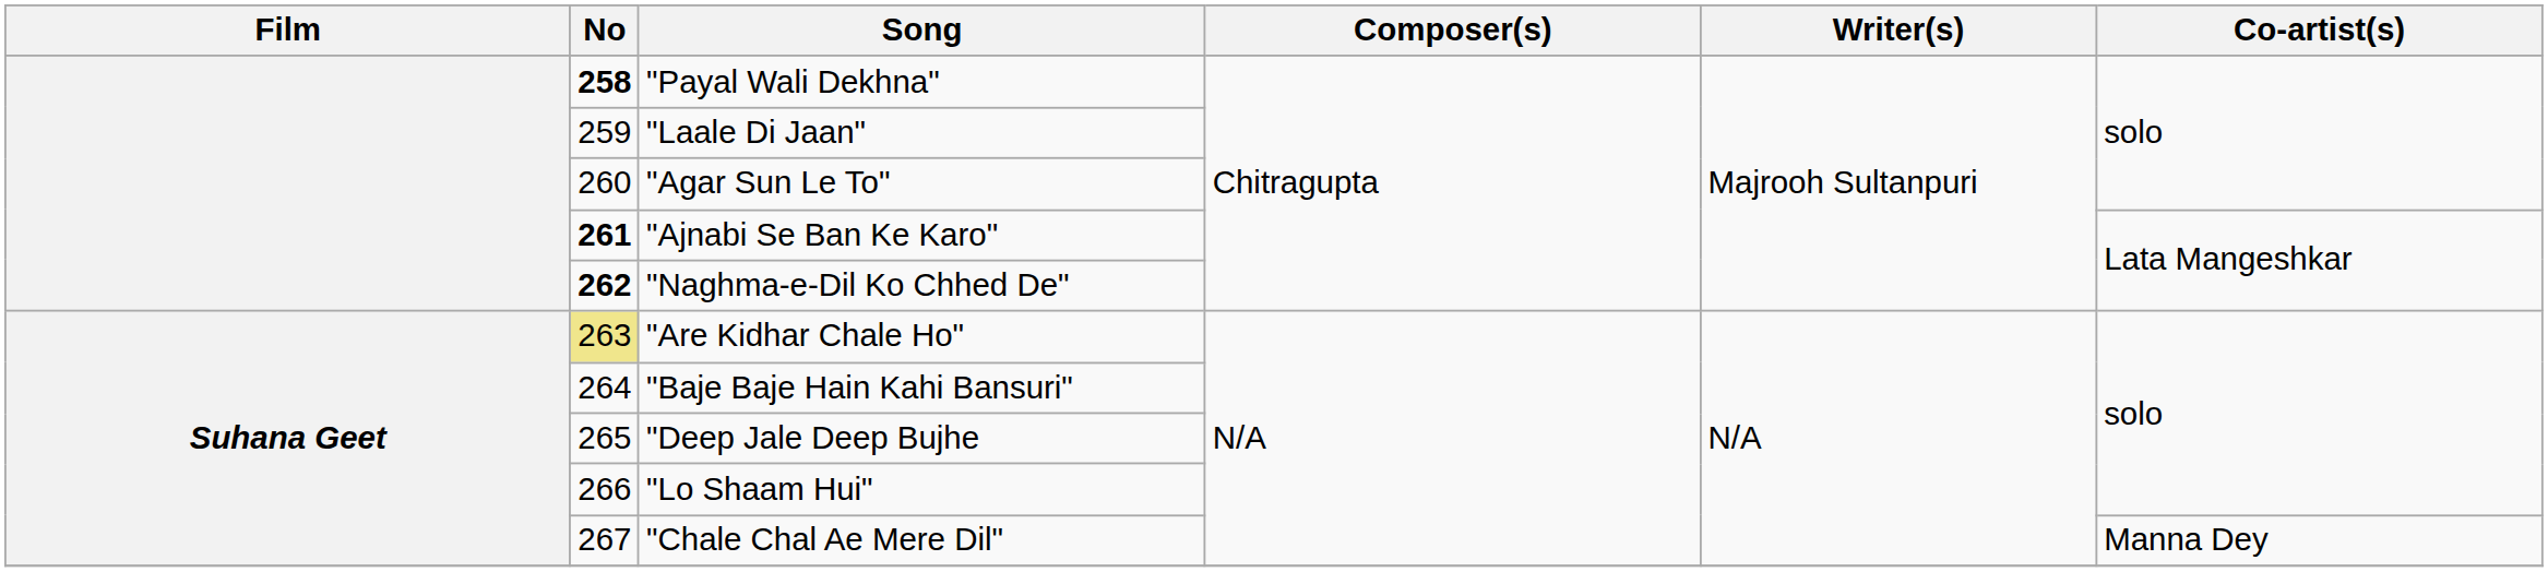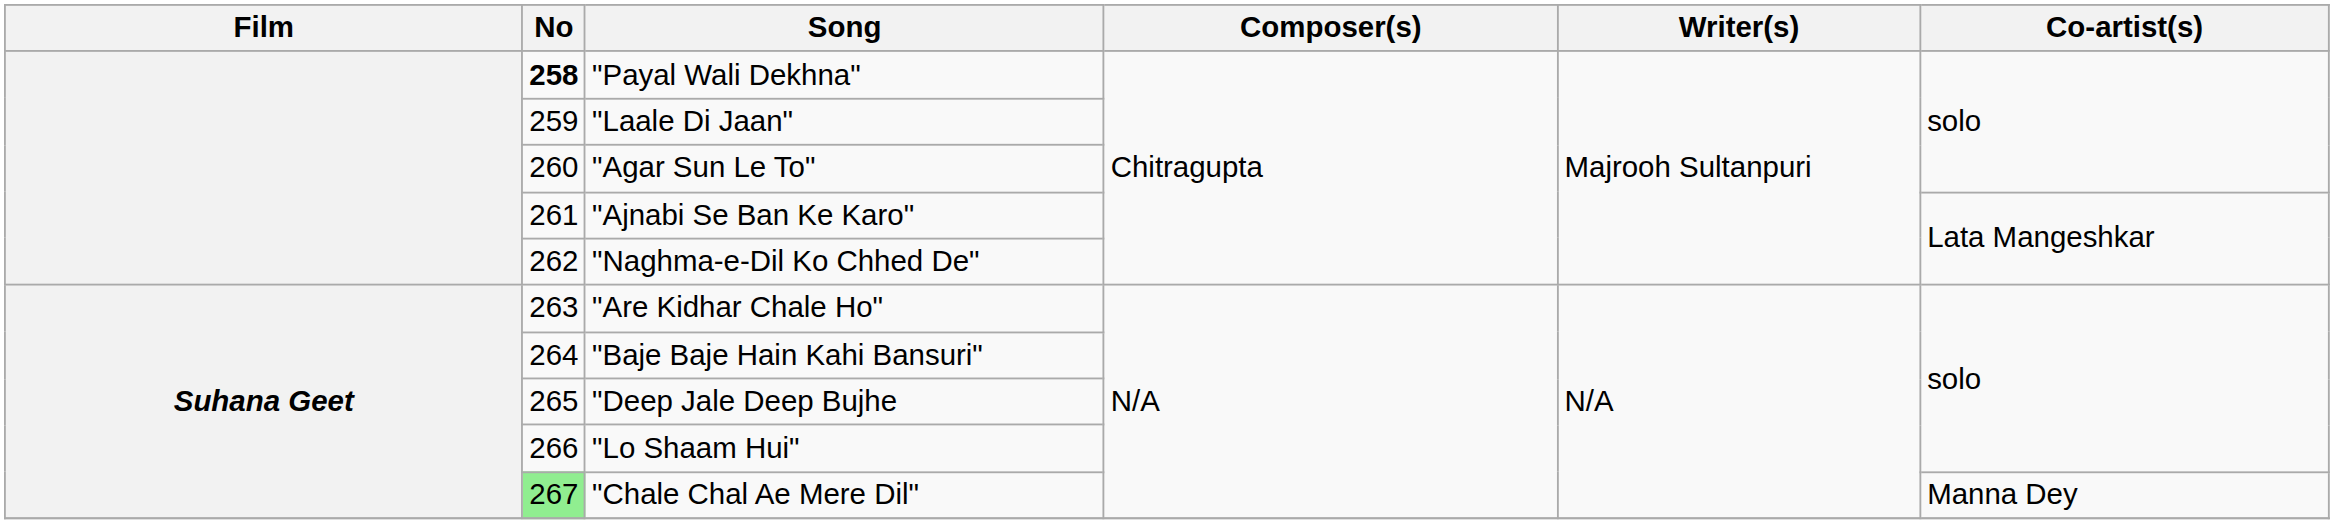 <table class="wikitable plainrowheaders" width="100%" textcolor:#000;">
 <tr style="background:#b0e0e66;">
 <th scope="col" width=23%><strong>Film</strong></th>
 <th><strong>No</strong></th>
 <th scope="col" width=23%><strong>Song</strong></th>
 <th scope="col" width=20%><strong>Composer(s)</strong></th>
 <th scope="col" width=16%><strong>Writer(s)</strong></th>
 <th scope="col" width=18%><strong>Co-artist(s)</strong></th>
 </tr>
 <tr>
 <th rowspan=5><em></em></th>
 <td><strong>258</strong></td>
 <td>"Payal Wali Dekhna"</td>
 <td rowspan=5>Chitragupta</td>
 <td rowspan=5>Majrooh Sultanpuri</td>
 <td rowspan=3>solo</td>
 </tr>
 <tr>
 <td>259</td>
 <td>"Laale Di Jaan"</td>
 </tr>
 <tr>
 <td>260</td>
 <td>"Agar Sun Le To"</td>
 </tr>
 <tr>
-<td><strong>261</strong></td>
+<td>261</td>
 <td>"Ajnabi Se Ban Ke Karo"</td>
 <td rowspan=2>Lata Mangeshkar</td>
 </tr>
 <tr>
-<td><strong>262</strong></td>
+<td>262</td>
 <td>"Naghma-e-Dil Ko Chhed De"</td>
 </tr>
 <tr>
 <th rowspan=5><em>Suhana Geet</em></th>
-<td style="background: khaki;">263</td>
+<td>263</td>
 <td>"Are Kidhar Chale Ho"</td>
 <td rowspan=5>N/A</td>
 <td rowspan=5>N/A</td>
 <td rowspan=4>solo</td>
 </tr>
 <tr>
 <td>264</td>
 <td>"Baje Baje Hain Kahi Bansuri"</td>
 </tr>
 <tr>
 <td>265</td>
 <td>"Deep Jale Deep Bujhe</td>
 </tr>
 <tr>
 <td>266</td>
 <td>"Lo Shaam Hui"</td>
 </tr>
 <tr>
-<td>267</td>
+<td style="background: lightgreen;">267</td>
 <td>"Chale Chal Ae Mere Dil"</td>
 <td>Manna Dey</td>
 </tr>
 <tr>
 </tr>
 </table>
